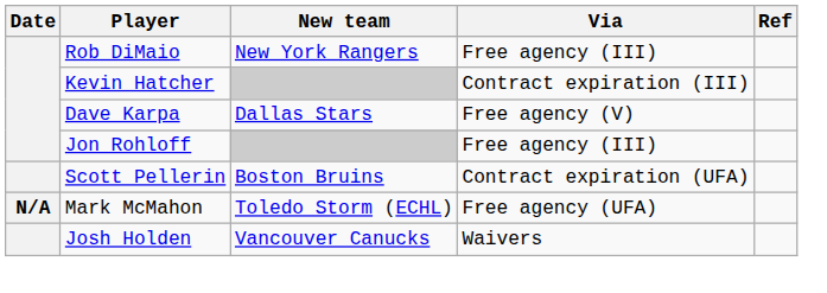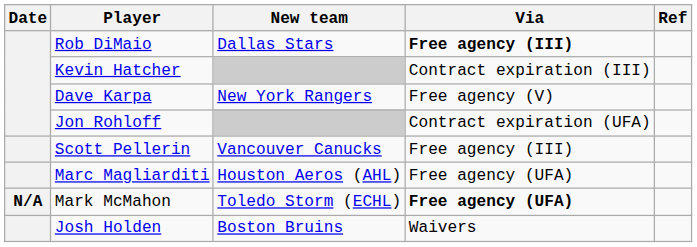 <table class="wikitable plainrowheaders">
 <tr style="background:#ddd; text-align:center;">
 <th>Date</th>
 <th>Player</th>
 <th>New team</th>
 <th>Via</th>
 <th>Ref</th>
 </tr>
 <tr>
 <th scope="row" rowspan=4></th>
 <td><a href='#'>Rob DiMaio</a></td>
-<td><a href='#'>New York Rangers</a></td>
-<td>Free agency (III)</td>
+<td><a href='#'>Dallas Stars</a></td>
+<td><strong>Free agency (III)</strong></td>
 <td></td>
 </tr>
 <tr>
 <td><a href='#'>Kevin Hatcher</a></td>
 <td style="background:#ccc"></td>
 <td>Contract expiration (III)</td>
 <td></td>
 </tr>
 <tr>
 <td><a href='#'>Dave Karpa</a></td>
-<td><a href='#'>Dallas Stars</a></td>
+<td><a href='#'>New York Rangers</a></td>
 <td>Free agency (V)</td>
 <td></td>
 </tr>
 <tr>
 <td><a href='#'>Jon Rohloff</a></td>
 <td style="background:#ccc"></td>
+<td>Contract expiration (UFA)</td>
+<td></td>
+</tr>
+<tr>
+<th scope="row"></th>
+<td><a href='#'>Scott Pellerin</a></td>
+<td><a href='#'>Vancouver Canucks</a></td>
 <td>Free agency (III)</td>
 <td></td>
 </tr>
 <tr>
 <th scope="row"></th>
-<td><a href='#'>Scott Pellerin</a></td>
-<td><a href='#'>Boston Bruins</a></td>
-<td>Contract expiration (UFA)</td>
+<td><a href='#'>Marc Magliarditi</a></td>
+<td><a href='#'>Houston Aeros</a> (<a href='#'>AHL</a>)</td>
+<td>Free agency (UFA)</td>
 <td></td>
 </tr>
 <tr>
 <th scope="row">N/A</th>
 <td>Mark McMahon</td>
 <td><a href='#'>Toledo Storm</a> (<a href='#'>ECHL</a>)</td>
-<td>Free agency (UFA)</td>
+<td><strong>Free agency (UFA)</strong></td>
 <td></td>
 </tr>
 <tr>
 <th scope="row"></th>
 <td><a href='#'>Josh Holden</a></td>
-<td><a href='#'>Vancouver Canucks</a></td>
+<td><a href='#'>Boston Bruins</a></td>
 <td>Waivers</td>
 <td></td>
 </tr>
 </table>
